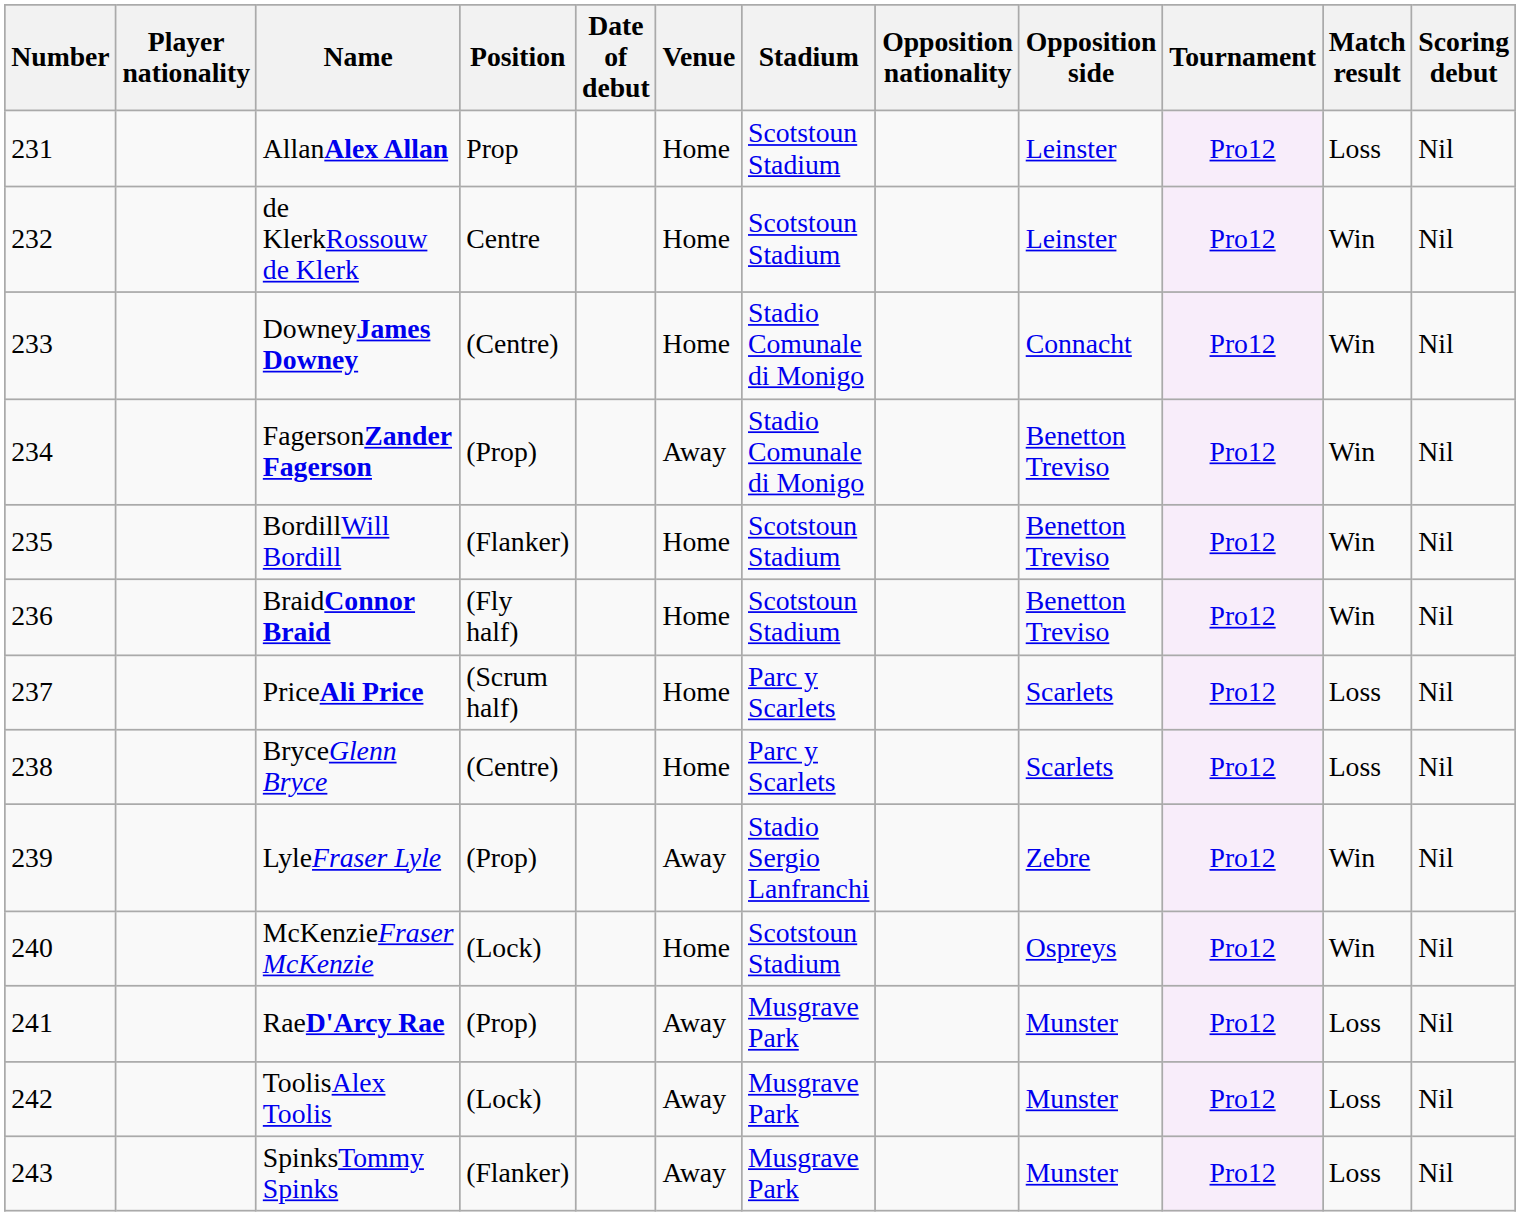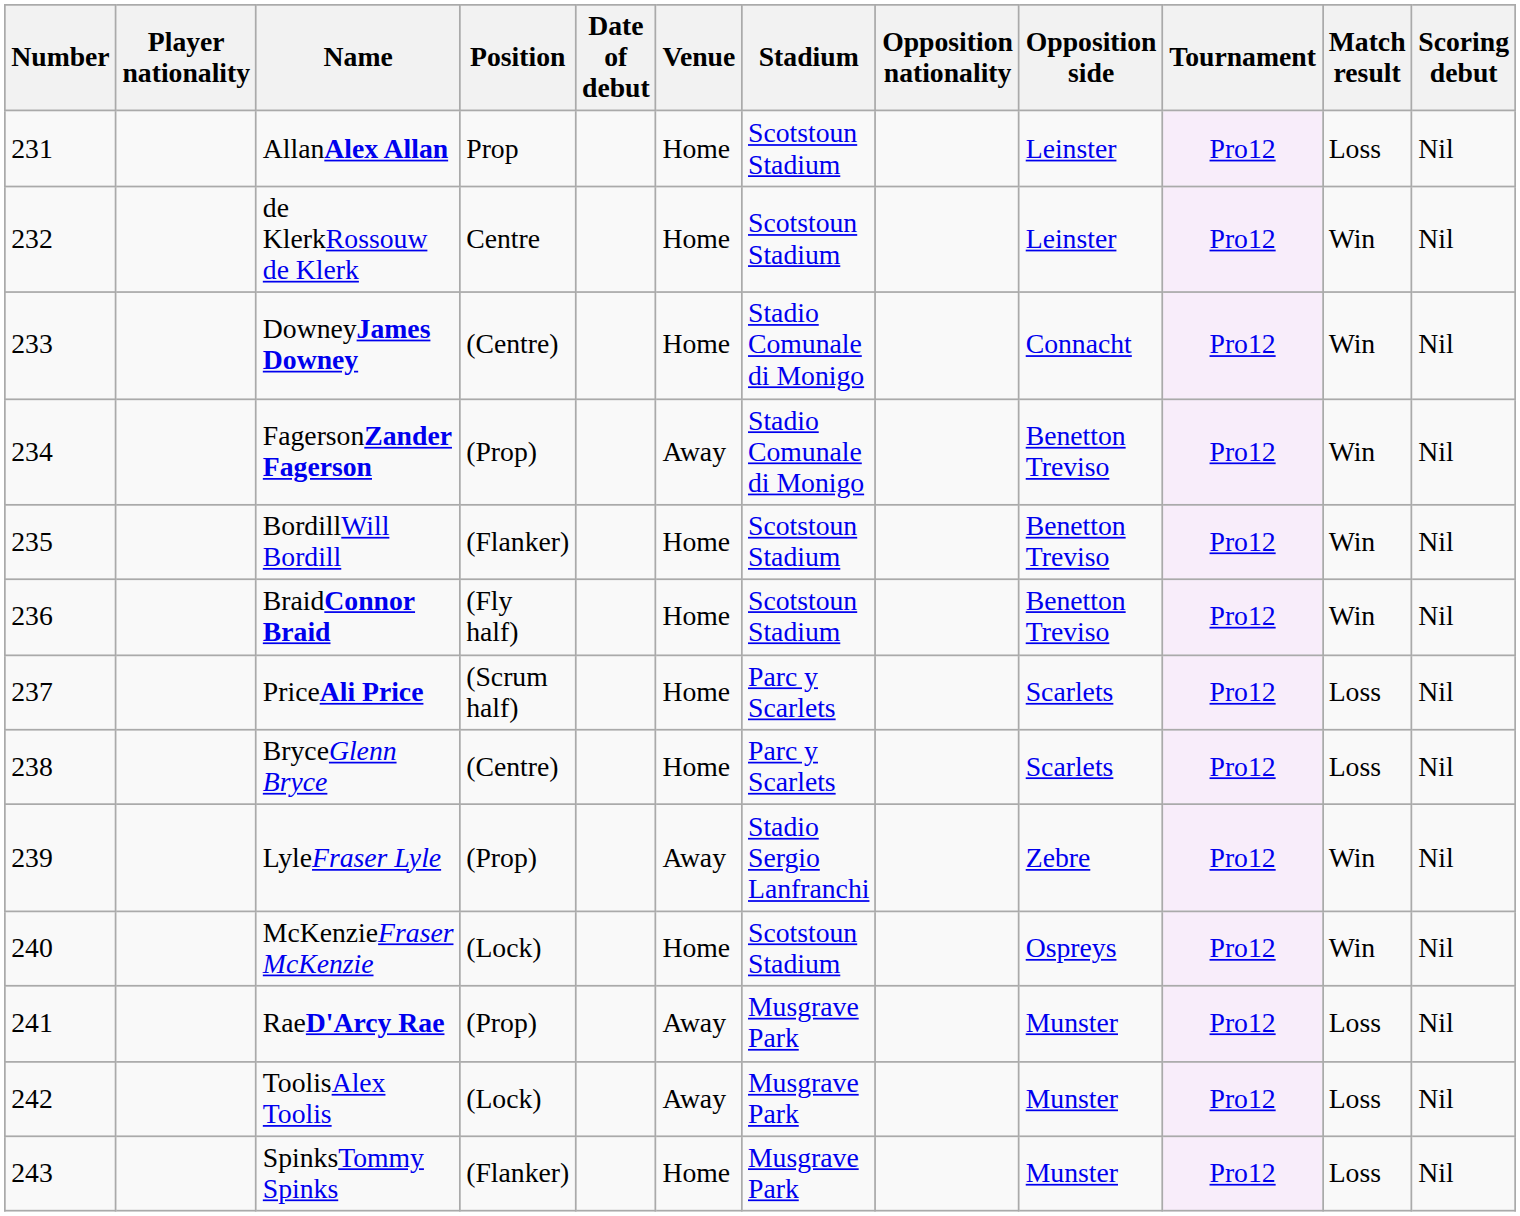 <table class="sortable wikitable">
 <tr>
 <th data-sort-type="number">Number</th>
 <th>Player nationality</th>
 <th>Name</th>
 <th>Position</th>
 <th>Date of debut</th>
 <th>Venue</th>
 <th>Stadium</th>
 <th>Opposition nationality</th>
 <th>Opposition side</th>
 <th>Tournament</th>
 <th>Match result</th>
 <th>Scoring debut</th>
 </tr>
 <tr>
 <td>231</td>
 <td style="text-align:center;"></td>
 <td><span>Allan</span><strong><a href='#'>Alex Allan</a></strong></td>
 <td>Prop</td>
 <td></td>
 <td>Home</td>
 <td><a href='#'>Scotstoun Stadium</a></td>
 <td style="text-align:center;"></td>
 <td><a href='#'>Leinster</a></td>
 <td style="text-align:center; background:#F8EDFA;"><a href='#'>Pro12</a></td>
 <td>Loss</td>
 <td>Nil</td>
 </tr>
 <tr>
 <td>232</td>
 <td style="text-align:center;"></td>
 <td><span>de Klerk</span><a href='#'>Rossouw de Klerk</a></td>
 <td>Centre</td>
 <td></td>
 <td>Home</td>
 <td><a href='#'>Scotstoun Stadium</a></td>
 <td style="text-align:center;"></td>
 <td><a href='#'>Leinster</a></td>
 <td style="text-align:center; background:#F8EDFA;"><a href='#'>Pro12</a></td>
 <td>Win</td>
 <td>Nil</td>
 </tr>
 <tr>
 <td>233</td>
 <td style="text-align:center;"></td>
 <td><span>Downey</span><strong><a href='#'>James Downey</a></strong></td>
 <td>(Centre)</td>
 <td></td>
 <td>Home</td>
 <td><a href='#'>Stadio Comunale di Monigo</a></td>
 <td style="text-align:center;"></td>
 <td><a href='#'>Connacht</a></td>
 <td style="text-align:center; background:#F8EDFA;"><a href='#'>Pro12</a></td>
 <td>Win</td>
 <td>Nil</td>
 </tr>
 <tr>
 <td>234</td>
 <td style="text-align:center;"></td>
 <td><span>Fagerson</span><strong><a href='#'>Zander Fagerson</a></strong></td>
 <td>(Prop)</td>
 <td></td>
 <td>Away</td>
 <td><a href='#'>Stadio Comunale di Monigo</a></td>
 <td style="text-align:center;"></td>
 <td><a href='#'>Benetton Treviso</a></td>
 <td style="text-align:center; background:#F8EDFA;"><a href='#'>Pro12</a></td>
 <td>Win</td>
 <td>Nil</td>
 </tr>
 <tr>
 <td>235</td>
 <td style="text-align:center;"></td>
 <td><span>Bordill</span><a href='#'>Will Bordill</a></td>
 <td>(Flanker)</td>
 <td></td>
 <td>Home</td>
 <td><a href='#'>Scotstoun Stadium</a></td>
 <td style="text-align:center;"></td>
 <td><a href='#'>Benetton Treviso</a></td>
 <td style="text-align:center; background:#F8EDFA;"><a href='#'>Pro12</a></td>
 <td>Win</td>
 <td>Nil</td>
 </tr>
 <tr>
 <td>236</td>
 <td style="text-align:center;"></td>
 <td><span>Braid</span><strong><a href='#'>Connor Braid</a></strong></td>
 <td>(Fly half)</td>
 <td></td>
 <td>Home</td>
 <td><a href='#'>Scotstoun Stadium</a></td>
 <td style="text-align:center;"></td>
 <td><a href='#'>Benetton Treviso</a></td>
 <td style="text-align:center; background:#F8EDFA;"><a href='#'>Pro12</a></td>
 <td>Win</td>
 <td>Nil</td>
 </tr>
 <tr>
 <td>237</td>
 <td style="text-align:center;"></td>
 <td><span>Price</span><strong><a href='#'>Ali Price</a></strong></td>
 <td>(Scrum half)</td>
 <td></td>
 <td>Home</td>
 <td><a href='#'>Parc y Scarlets</a></td>
 <td style="text-align:center;"></td>
 <td><a href='#'>Scarlets</a></td>
 <td style="text-align:center; background:#F8EDFA;"><a href='#'>Pro12</a></td>
 <td>Loss</td>
 <td>Nil</td>
 </tr>
 <tr>
 <td>238</td>
 <td style="text-align:center;"></td>
 <td><span>Bryce</span><em><a href='#'>Glenn Bryce</a></em></td>
 <td>(Centre)</td>
 <td></td>
 <td>Home</td>
 <td><a href='#'>Parc y Scarlets</a></td>
 <td style="text-align:center;"></td>
 <td><a href='#'>Scarlets</a></td>
 <td style="text-align:center; background:#F8EDFA;"><a href='#'>Pro12</a></td>
 <td>Loss</td>
 <td>Nil</td>
 </tr>
 <tr>
 <td>239</td>
 <td style="text-align:center;"></td>
 <td><span>Lyle</span><em><a href='#'>Fraser Lyle</a></em></td>
 <td>(Prop)</td>
 <td></td>
 <td>Away</td>
 <td><a href='#'>Stadio Sergio Lanfranchi</a></td>
 <td style="text-align:center;"></td>
 <td><a href='#'>Zebre</a></td>
 <td style="text-align:center; background:#F8EDFA;"><a href='#'>Pro12</a></td>
 <td>Win</td>
 <td>Nil</td>
 </tr>
 <tr>
 <td>240</td>
 <td style="text-align:center;"></td>
 <td><span>McKenzie</span><em><a href='#'>Fraser McKenzie</a></em></td>
 <td>(Lock)</td>
 <td></td>
 <td>Home</td>
 <td><a href='#'>Scotstoun Stadium</a></td>
 <td style="text-align:center;"></td>
 <td><a href='#'>Ospreys</a></td>
 <td style="text-align:center; background:#F8EDFA;"><a href='#'>Pro12</a></td>
 <td>Win</td>
 <td>Nil</td>
 </tr>
 <tr>
 <td>241</td>
 <td style="text-align:center;"></td>
 <td><span>Rae</span><strong><a href='#'>D'Arcy Rae</a></strong></td>
 <td>(Prop)</td>
 <td></td>
 <td>Away</td>
 <td><a href='#'>Musgrave Park</a></td>
 <td style="text-align:center;"></td>
 <td><a href='#'>Munster</a></td>
 <td style="text-align:center; background:#F8EDFA;"><a href='#'>Pro12</a></td>
 <td>Loss</td>
 <td>Nil</td>
 </tr>
 <tr>
 <td>242</td>
 <td style="text-align:center;"></td>
 <td><span>Toolis</span><a href='#'>Alex Toolis</a></td>
 <td>(Lock)</td>
 <td></td>
 <td>Away</td>
 <td><a href='#'>Musgrave Park</a></td>
 <td style="text-align:center;"></td>
 <td><a href='#'>Munster</a></td>
 <td style="text-align:center; background:#F8EDFA;"><a href='#'>Pro12</a></td>
 <td>Loss</td>
 <td>Nil</td>
 </tr>
 <tr>
 <td>243</td>
 <td style="text-align:center;"></td>
 <td><span>Spinks</span><a href='#'>Tommy Spinks</a></td>
 <td>(Flanker)</td>
 <td></td>
-<td>Away</td>
+<td>Home</td>
 <td><a href='#'>Musgrave Park</a></td>
 <td style="text-align:center;"></td>
 <td><a href='#'>Munster</a></td>
 <td style="text-align:center; background:#F8EDFA;"><a href='#'>Pro12</a></td>
 <td>Loss</td>
 <td>Nil</td>
 </tr>
 </table>
